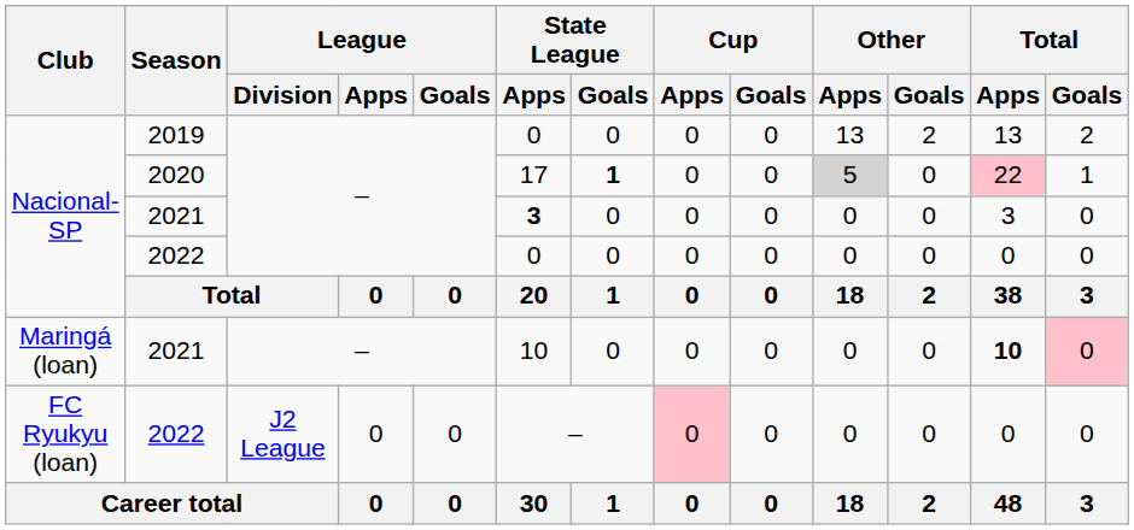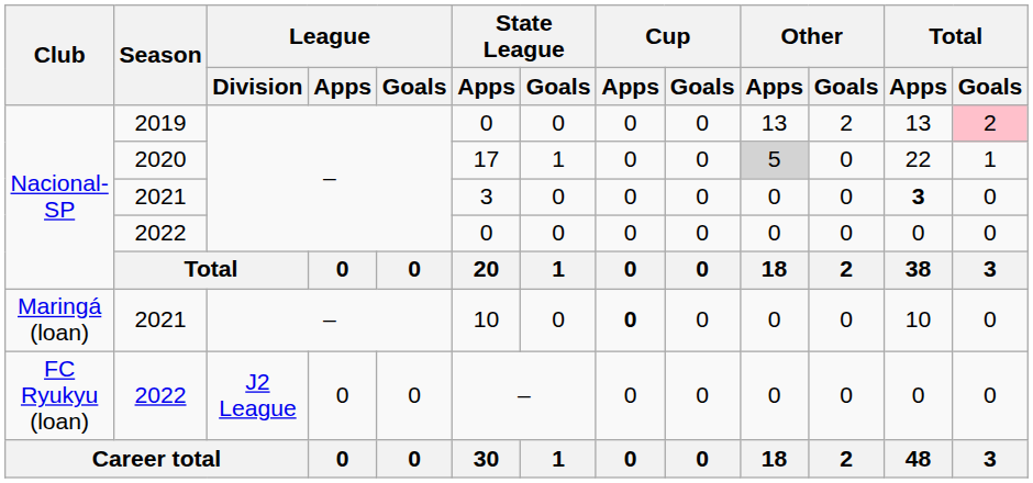 <table class="wikitable" style="text-align: center">
 <tr>
 <th rowspan=2>Club</th>
 <th rowspan=2>Season</th>
 <th colspan=3>League</th>
 <th colspan=2>State League</th>
 <th colspan=2>Cup</th>
 <th colspan=2>Other</th>
 <th colspan=2>Total</th>
 </tr>
 <tr>
 <th>Division</th>
 <th>Apps</th>
 <th>Goals</th>
 <th>Apps</th>
 <th>Goals</th>
 <th>Apps</th>
 <th>Goals</th>
 <th>Apps</th>
 <th>Goals</th>
 <th>Apps</th>
 <th>Goals</th>
 </tr>
 <tr>
 <td rowspan=5><a href='#'>Nacional-SP</a></td>
 <td>2019</td>
 <td colspan="3" rowspan=4>–</td>
 <td>0</td>
 <td>0</td>
 <td>0</td>
 <td>0</td>
 <td>13</td>
 <td>2</td>
 <td>13</td>
-<td>2</td>
+<td style="background: pink;">2</td>
 </tr>
 <tr>
 <td>2020</td>
 <td>17</td>
-<td><strong>1</strong></td>
+<td>1</td>
 <td>0</td>
 <td>0</td>
 <td style="background: lightgrey;">5</td>
 <td>0</td>
-<td style="background: pink;">22</td>
+<td>22</td>
 <td>1</td>
 </tr>
 <tr>
 <td>2021</td>
-<td><strong>3</strong></td>
+<td>3</td>
 <td>0</td>
 <td>0</td>
 <td>0</td>
 <td>0</td>
 <td>0</td>
-<td>3</td>
+<td><strong>3</strong></td>
 <td>0</td>
 </tr>
 <tr>
 <td>2022</td>
 <td>0</td>
 <td>0</td>
 <td>0</td>
 <td>0</td>
 <td>0</td>
 <td>0</td>
 <td>0</td>
 <td>0</td>
 </tr>
 <tr>
 <th colspan=2><strong>Total</strong></th>
 <th>0</th>
 <th>0</th>
 <th>20</th>
 <th>1</th>
 <th>0</th>
 <th>0</th>
 <th>18</th>
 <th>2</th>
 <th>38</th>
 <th>3</th>
 </tr>
 <tr>
 <td><a href='#'>Maringá</a> (loan)</td>
 <td>2021</td>
 <td colspan=3>–</td>
 <td>10</td>
 <td>0</td>
+<td><strong>0</strong></td>
 <td>0</td>
 <td>0</td>
 <td>0</td>
+<td>10</td>
 <td>0</td>
-<td><strong>10</strong></td>
-<td style="background: pink;">0</td>
 </tr>
 <tr>
 <td><a href='#'>FC Ryukyu</a> (loan)</td>
 <td><a href='#'>2022</a></td>
 <td><a href='#'>J2 League</a></td>
 <td>0</td>
 <td>0</td>
 <td colspan=2>–</td>
-<td style="background: pink;">0</td>
+<td>0</td>
 <td>0</td>
 <td>0</td>
 <td>0</td>
 <td>0</td>
 <td>0</td>
 </tr>
 <tr>
 <th colspan=3><strong>Career total</strong></th>
 <th>0</th>
 <th>0</th>
 <th>30</th>
 <th>1</th>
 <th>0</th>
 <th>0</th>
 <th>18</th>
 <th>2</th>
 <th>48</th>
 <th>3</th>
 </tr>
 </table>
